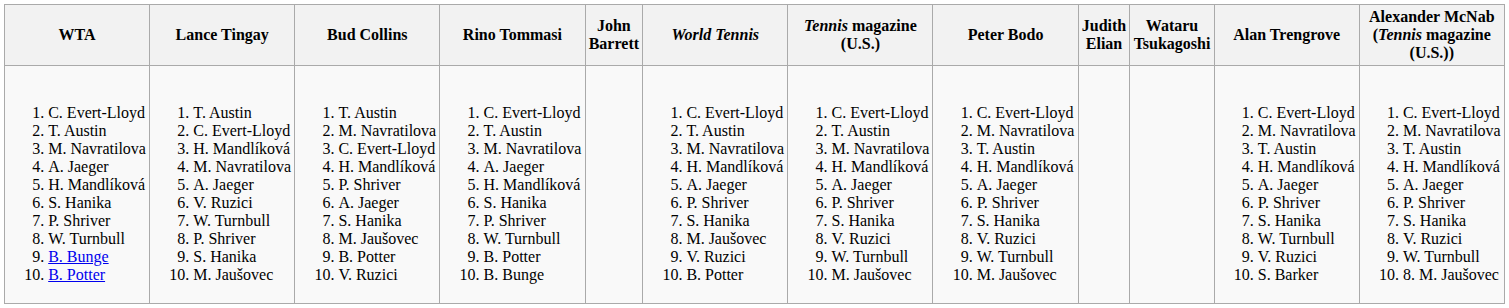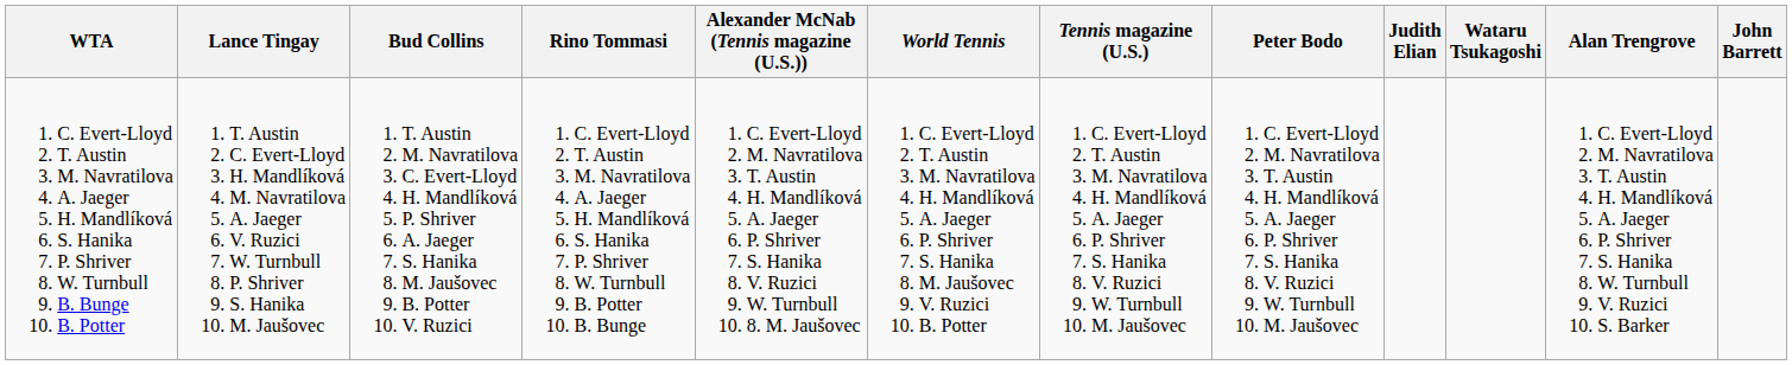 <table class="wikitable">
 <tr>
 <th>WTA</th>
 <th>Lance Tingay</th>
 <th>Bud Collins</th>
 <th>Rino Tommasi</th>
-<th>John Barrett</th>
+<th><strong>Alexander McNab</strong><br>(<em>Tennis</em> magazine<br>(U.S.))</th>
 <th><em>World Tennis</em></th>
 <th><em>Tennis</em> magazine<br>(U.S.)</th>
 <th>Peter Bodo</th>
 <th>Judith Elian</th>
 <th>Wataru Tsukagoshi</th>
 <th>Alan Trengrove</th>
-<th><strong>Alexander McNab</strong><br>(<em>Tennis</em> magazine<br>(U.S.))</th>
+<th>John Barrett</th>
 </tr>
 <tr style="vertical-align: top;">
 <td style="white-space: nowrap;"><br><ol><li> C. Evert-Lloyd</li><li> T. Austin</li><li> M. Navratilova</li><li> A. Jaeger</li><li> H. Mandlíková</li><li> S. Hanika</li><li> P. Shriver</li><li> W. Turnbull</li><li> <a href='#'>B. Bunge</a></li><li> <a href='#'>B. Potter</a></li></ol></td>
 <td style="white-space: nowrap;"><br><ol><li> T. Austin</li><li> C. Evert-Lloyd</li><li> H. Mandlíková</li><li> M. Navratilova</li><li> A. Jaeger</li><li> V. Ruzici</li><li> W. Turnbull</li><li> P. Shriver</li><li> S. Hanika</li><li> M. Jaušovec</li></ol></td>
 <td style="white-space: nowrap;"><br><ol><li> T. Austin</li><li> M. Navratilova</li><li> C. Evert-Lloyd</li><li> H. Mandlíková</li><li> P. Shriver</li><li> A. Jaeger</li><li> S. Hanika</li><li> M. Jaušovec</li><li> B. Potter</li><li> V. Ruzici</li></ol></td>
 <td style="white-space: nowrap;"><br><ol><li> C. Evert-Lloyd</li><li> T. Austin</li><li> M. Navratilova</li><li> A. Jaeger</li><li> H. Mandlíková</li><li> S. Hanika</li><li> P. Shriver</li><li> W. Turnbull</li><li> B. Potter</li><li> B. Bunge</li></ol></td>
-<td></td>
+<td style="white-space: nowrap;"><br><ol><li> C. Evert-Lloyd</li><li> M. Navratilova</li><li> T. Austin</li><li> H. Mandlíková</li><li> A. Jaeger</li><li> P. Shriver</li><li> S. Hanika</li><li> V. Ruzici</li><li> W. Turnbull</li><li>8.  M. Jaušovec</li></ol></td>
 <td style="white-space: nowrap;"><br><ol><li> C. Evert-Lloyd</li><li> T. Austin</li><li> M. Navratilova</li><li> H. Mandlíková</li><li> A. Jaeger</li><li> P. Shriver</li><li> S. Hanika</li><li> M. Jaušovec</li><li> V. Ruzici</li><li> B. Potter</li></ol></td>
 <td style="white-space: nowrap;"><br><ol><li> C. Evert-Lloyd</li><li> T. Austin</li><li> M. Navratilova</li><li> H. Mandlíková</li><li> A. Jaeger</li><li> P. Shriver</li><li> S. Hanika</li><li> V. Ruzici</li><li> W. Turnbull</li><li> M. Jaušovec</li></ol></td>
 <td style="white-space: nowrap;"><br><ol><li> C. Evert-Lloyd</li><li> M. Navratilova</li><li> T. Austin</li><li> H. Mandlíková</li><li> A. Jaeger</li><li> P. Shriver</li><li> S. Hanika</li><li> V. Ruzici</li><li> W. Turnbull</li><li> M. Jaušovec</li></ol></td>
 <td></td>
 <td></td>
 <td style="white-space: nowrap;"><br><ol><li> C. Evert-Lloyd</li><li> M. Navratilova</li><li> T. Austin</li><li> H. Mandlíková</li><li> A. Jaeger</li><li> P. Shriver</li><li> S. Hanika</li><li> W. Turnbull</li><li> V. Ruzici</li><li> S. Barker</li></ol></td>
-<td style="white-space: nowrap;"><br><ol><li> C. Evert-Lloyd</li><li> M. Navratilova</li><li> T. Austin</li><li> H. Mandlíková</li><li> A. Jaeger</li><li> P. Shriver</li><li> S. Hanika</li><li> V. Ruzici</li><li> W. Turnbull</li><li>8.  M. Jaušovec</li></ol></td>
+<td></td>
 </tr>
 </table>
